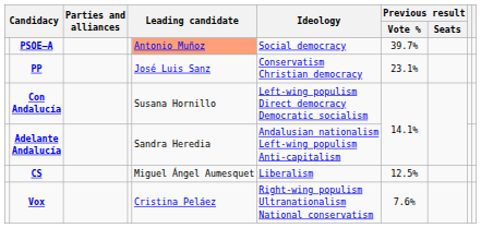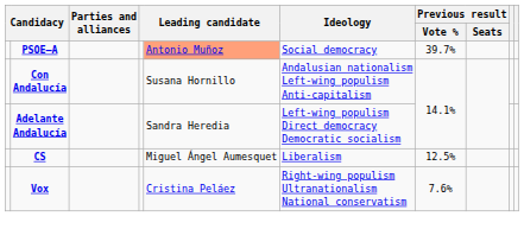 <table class="wikitable" style="line-height:1.35em; text-align:left;">
 <tr>
 <th colspan="2" rowspan="2">Candidacy</th>
 <th rowspan="2">Parties and<br>alliances</th>
 <th colspan="2" rowspan="2">Leading candidate</th>
 <th rowspan="2">Ideology</th>
 <th colspan="2">Previous result</th>
 <th rowspan="2"></th>
 <th rowspan="2"></th>
 </tr>
 <tr>
 <th>Vote %</th>
 <th>Seats</th>
 </tr>
 <tr>
 <td width="1" style="color:inherit;background:"></td>
 <td align="center"><strong><a href='#'>PSOE–A</a></strong></td>
 <td></td>
 <td></td>
 <td style="background: lightsalmon;"><a href='#'>Antonio Muñoz</a></td>
 <td><a href='#'>Social democracy</a></td>
 <td align="center">39.7%</td>
 <td></td>
 <td></td>
 <td><br></td>
 </tr>
 <tr>
 <td style="color:inherit;background:"></td>
-<td align="center"><strong><a href='#'>PP</a></strong></td>
-<td></td>
-<td></td>
-<td><a href='#'>José Luis Sanz</a></td>
-<td><a href='#'>Conservatism</a><br><a href='#'>Christian democracy</a></td>
-<td align="center">23.1%</td>
-<td></td>
-<td></td>
-<td></td>
-</tr>
-<tr>
-<td style="color:inherit;background:"></td>
 <td align="center"><strong><a href='#'>Con<br>Andalucía</a></strong></td>
 <td></td>
 <td></td>
 <td>Susana Hornillo</td>
-<td><a href='#'>Left-wing populism</a><br><a href='#'>Direct democracy</a><br><a href='#'>Democratic socialism</a></td>
+<td><a href='#'>Andalusian nationalism</a><br><a href='#'>Left-wing populism</a><br><a href='#'>Anti-capitalism</a></td>
 <td rowspan="2" align="center"><br>14.1%<br></td>
 <td rowspan="2"></td>
 <td></td>
 <td></td>
 </tr>
 <tr>
 <td style="color:inherit;background:"></td>
 <td align="center"><strong><a href='#'>Adelante<br>Andalucía</a></strong></td>
 <td></td>
 <td></td>
 <td>Sandra Heredia</td>
-<td><a href='#'>Andalusian nationalism</a><br><a href='#'>Left-wing populism</a><br><a href='#'>Anti-capitalism</a></td>
+<td><a href='#'>Left-wing populism</a><br><a href='#'>Direct democracy</a><br><a href='#'>Democratic socialism</a></td>
 <td></td>
 <td></td>
 </tr>
 <tr>
 <td style="color:inherit;background:"></td>
 <td align="center"><strong><a href='#'>CS</a></strong></td>
 <td></td>
 <td></td>
 <td>Miguel Ángel Aumesquet</td>
 <td><a href='#'>Liberalism</a></td>
 <td align="center">12.5%</td>
 <td></td>
 <td></td>
 <td><br></td>
 </tr>
 <tr>
 <td style="color:inherit;background:"></td>
 <td align="center"><strong><a href='#'>Vox</a></strong></td>
 <td></td>
 <td></td>
 <td><a href='#'>Cristina Peláez</a></td>
 <td><a href='#'>Right-wing populism</a><br><a href='#'>Ultranationalism</a><br><a href='#'>National conservatism</a></td>
 <td align="center">7.6%</td>
 <td></td>
 <td></td>
 <td></td>
 </tr>
 </table>
